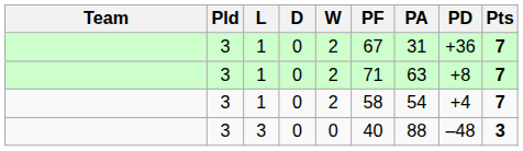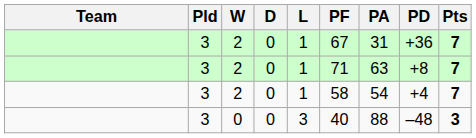 <table class="wikitable" style="text-align:center;">
 <tr>
 <th width=175>Team</th>
 <th width=25 abbr="Played">Pld</th>
+<th width=25 abbr="Won">W</th>
+<th width=25 abbr="Drawn">D</th>
 <th width=25 abbr="Lost">L</th>
-<th width=25 abbr="Drawn">D</th>
-<th width=25 abbr="Won">W</th>
 <th width=32 abbr="Points for">PF</th>
 <th width=32 abbr="Points against">PA</th>
 <th width=32 abbr="Points difference">PD</th>
 <th width=25 abbr="Points">Pts</th>
 </tr>
 <tr bgcolor=ccffcc>
 <td align=left></td>
 <td>3</td>
+<td>2</td>
+<td>0</td>
 <td>1</td>
-<td>0</td>
-<td>2</td>
 <td>67</td>
 <td>31</td>
 <td>+36</td>
 <td><strong>7</strong></td>
 </tr>
 <tr bgcolor=ccffcc>
 <td align=left></td>
 <td>3</td>
+<td>2</td>
+<td>0</td>
 <td>1</td>
-<td>0</td>
-<td>2</td>
 <td>71</td>
 <td>63</td>
 <td>+8</td>
 <td><strong>7</strong></td>
 </tr>
 <tr>
 <td align=left></td>
 <td>3</td>
+<td>2</td>
+<td>0</td>
 <td>1</td>
-<td>0</td>
-<td>2</td>
 <td>58</td>
 <td>54</td>
 <td>+4</td>
 <td><strong>7</strong></td>
 </tr>
 <tr>
 <td align=left></td>
 <td>3</td>
-<td>3</td>
 <td>0</td>
 <td>0</td>
+<td>3</td>
 <td>40</td>
 <td>88</td>
 <td>–48</td>
 <td><strong>3</strong></td>
 </tr>
 </table>
